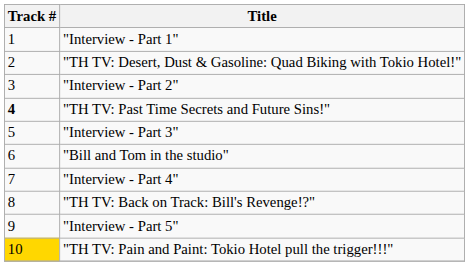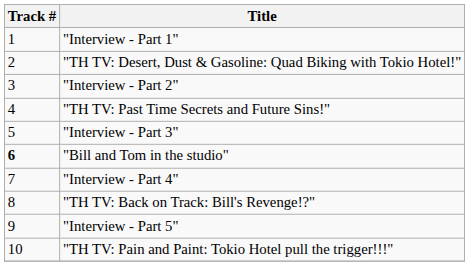 <table class="wikitable">
 <tr>
 <th>Track #</th>
 <th>Title</th>
 </tr>
 <tr>
 <td>1</td>
 <td>"Interview - Part 1"</td>
 </tr>
 <tr>
 <td>2</td>
 <td>"TH TV: Desert, Dust & Gasoline: Quad Biking with Tokio Hotel!"</td>
 </tr>
 <tr>
 <td>3</td>
 <td>"Interview - Part 2"</td>
 </tr>
 <tr>
-<td><strong>4</strong></td>
+<td>4</td>
 <td>"TH TV: Past Time Secrets and Future Sins!"</td>
 </tr>
 <tr>
 <td>5</td>
 <td>"Interview - Part 3"</td>
 </tr>
 <tr>
-<td>6</td>
+<td><strong>6</strong></td>
 <td>"Bill and Tom in the studio"</td>
 </tr>
 <tr>
 <td>7</td>
 <td>"Interview - Part 4"</td>
 </tr>
 <tr>
 <td>8</td>
 <td>"TH TV: Back on Track: Bill's Revenge!?"</td>
 </tr>
 <tr>
 <td>9</td>
 <td>"Interview - Part 5"</td>
 </tr>
 <tr>
-<td style="background: gold;">10</td>
+<td>10</td>
 <td>"TH TV: Pain and Paint: Tokio Hotel pull the trigger!!!"</td>
 </tr>
 <tr>
 </tr>
 </table>
